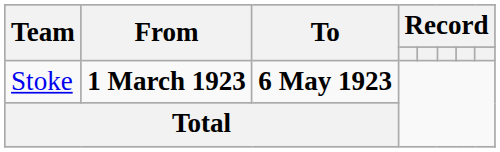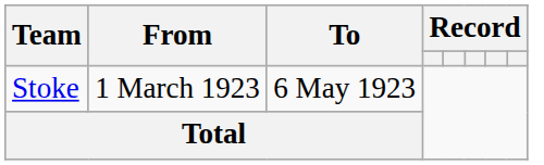 <table class="wikitable" style="text-align:center">
 <tr>
 <th rowspan="2">Team</th>
 <th rowspan="2">From</th>
 <th rowspan="2">To</th>
 <th colspan="5">Record</th>
 </tr>
 <tr>
 <th></th>
 <th></th>
 <th></th>
 <th></th>
 <th></th>
 </tr>
 <tr>
 <td align=left><a href='#'>Stoke</a></td>
-<td align=left><strong>1 March 1923</strong></td>
-<td align=left><strong>6 May 1923<br></strong></td>
+<td align=left>1 March 1923</td>
+<td align=left>6 May 1923<br></td>
 </tr>
 <tr>
 <th colspan="3">Total<br></th>
 </tr>
 </table>
